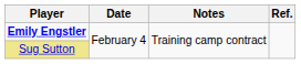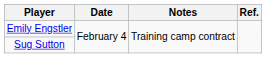 <table class="wikitable sortable sortable" style="text-align: center">
 <tr>
 <th>Player</th>
 <th>Date</th>
 <th>Notes</th>
 <th>Ref.</th>
 </tr>
 <tr>
-<td><strong><a href='#'>Emily Engstler</a></strong></td>
+<td><a href='#'>Emily Engstler</a></td>
 <td rowspan=2>February 4</td>
 <td rowspan=2>Training camp contract</td>
 <td rowspan=2></td>
 </tr>
 <tr>
-<td style="background: khaki;"><a href='#'>Sug Sutton</a></td>
+<td><a href='#'>Sug Sutton</a></td>
 </tr>
 </table>
